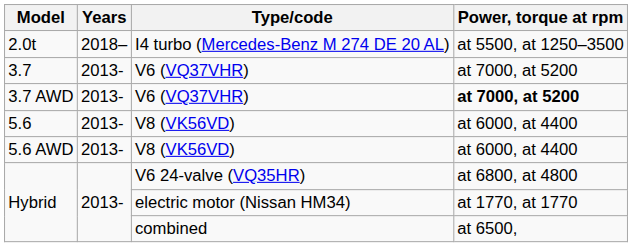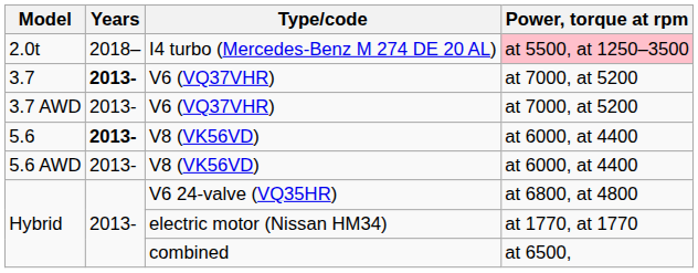 <table class="wikitable sortable">
 <tr>
 <th>Model</th>
 <th>Years</th>
 <th>Type/code</th>
 <th>Power, torque at rpm</th>
 </tr>
 <tr>
 <td>2.0t</td>
 <td>2018–</td>
 <td> I4 turbo (<a href='#'>Mercedes-Benz M 274 DE 20 AL</a>)</td>
-<td> at 5500,  at 1250–3500</td>
+<td style="background: pink;"> at 5500,  at 1250–3500</td>
 </tr>
 <tr>
 <td>3.7</td>
-<td>2013-</td>
+<td><strong>2013-</strong></td>
 <td> V6 (<a href='#'>VQ37VHR</a>)</td>
 <td> at 7000,  at 5200</td>
 </tr>
 <tr>
 <td>3.7 AWD</td>
 <td>2013-</td>
 <td> V6 (<a href='#'>VQ37VHR</a>)</td>
-<td><strong> at 7000,  at 5200</strong></td>
+<td> at 7000,  at 5200</td>
 </tr>
 <tr>
 <td>5.6</td>
-<td>2013-</td>
+<td><strong>2013-</strong></td>
 <td> V8 (<a href='#'>VK56VD</a>)</td>
 <td> at 6000,  at 4400</td>
 </tr>
 <tr>
 <td>5.6 AWD</td>
 <td>2013-</td>
 <td> V8 (<a href='#'>VK56VD</a>)</td>
 <td> at 6000,  at 4400</td>
 </tr>
 <tr>
 <td rowspan=3>Hybrid</td>
 <td rowspan=3>2013-</td>
 <td> V6 24-valve (<a href='#'>VQ35HR</a>)</td>
 <td> at 6800,  at 4800</td>
 </tr>
 <tr>
 <td>electric motor (Nissan HM34)</td>
 <td> at 1770,  at 1770</td>
 </tr>
 <tr>
 <td>combined</td>
 <td> at 6500, </td>
 </tr>
 </table>
